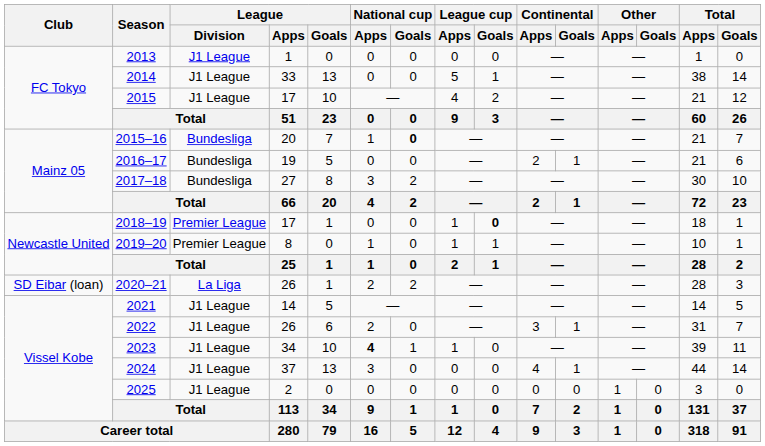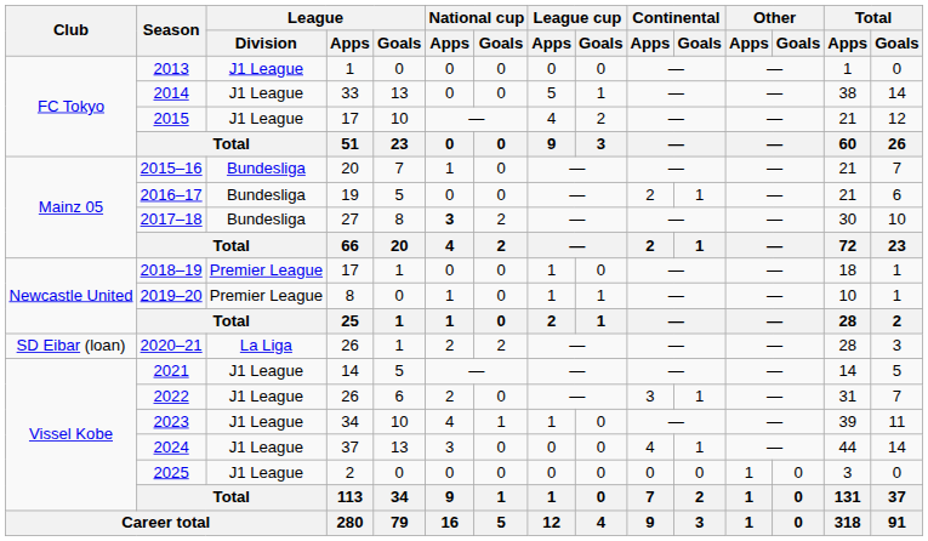 <table class="wikitable" style="text-align:center">
 <tr>
 <th rowspan="2">Club</th>
 <th rowspan="2">Season</th>
 <th colspan="3">League</th>
 <th colspan="2">National cup</th>
 <th colspan="2">League cup</th>
 <th colspan="2">Continental</th>
 <th colspan="2">Other</th>
 <th colspan="2">Total</th>
 </tr>
 <tr>
 <th>Division</th>
 <th>Apps</th>
 <th>Goals</th>
 <th>Apps</th>
 <th>Goals</th>
 <th>Apps</th>
 <th>Goals</th>
 <th>Apps</th>
 <th>Goals</th>
 <th>Apps</th>
 <th>Goals</th>
 <th>Apps</th>
 <th>Goals</th>
 </tr>
 <tr>
 <td rowspan="4"><a href='#'>FC Tokyo</a></td>
 <td><a href='#'>2013</a></td>
 <td><a href='#'>J1 League</a></td>
 <td>1</td>
 <td>0</td>
 <td>0</td>
 <td>0</td>
 <td>0</td>
 <td>0</td>
 <td colspan="2">—</td>
 <td colspan="2">—</td>
 <td>1</td>
 <td>0</td>
 </tr>
 <tr>
 <td><a href='#'>2014</a></td>
 <td>J1 League</td>
 <td>33</td>
 <td>13</td>
 <td>0</td>
 <td>0</td>
 <td>5</td>
 <td>1</td>
 <td colspan="2">—</td>
 <td colspan="2">—</td>
 <td>38</td>
 <td>14</td>
 </tr>
 <tr>
 <td><a href='#'>2015</a></td>
 <td>J1 League</td>
 <td>17</td>
 <td>10</td>
 <td colspan="2">—</td>
 <td>4</td>
 <td>2</td>
 <td colspan="2">—</td>
 <td colspan="2">—</td>
 <td>21</td>
 <td>12</td>
 </tr>
 <tr>
 <th colspan="2">Total</th>
 <th>51</th>
 <th>23</th>
 <th>0</th>
 <th>0</th>
 <th>9</th>
 <th>3</th>
 <th colspan="2">—</th>
 <th colspan="2">—</th>
 <th>60</th>
 <th>26</th>
 </tr>
 <tr>
 <td rowspan="4"><a href='#'>Mainz 05</a></td>
 <td><a href='#'>2015–16</a></td>
 <td><a href='#'>Bundesliga</a></td>
 <td>20</td>
 <td>7</td>
 <td>1</td>
-<td><strong>0</strong></td>
+<td>0</td>
 <td colspan="2">—</td>
 <td colspan="2">—</td>
 <td colspan="2">—</td>
 <td>21</td>
 <td>7</td>
 </tr>
 <tr>
 <td><a href='#'>2016–17</a></td>
 <td>Bundesliga</td>
 <td>19</td>
 <td>5</td>
 <td>0</td>
 <td>0</td>
 <td colspan="2">—</td>
 <td>2</td>
 <td>1</td>
 <td colspan="2">—</td>
 <td>21</td>
 <td>6</td>
 </tr>
 <tr>
 <td><a href='#'>2017–18</a></td>
 <td>Bundesliga</td>
 <td>27</td>
 <td>8</td>
-<td>3</td>
+<td><strong>3</strong></td>
 <td>2</td>
 <td colspan="2">—</td>
 <td colspan="2">—</td>
 <td colspan="2">—</td>
 <td>30</td>
 <td>10</td>
 </tr>
 <tr>
 <th colspan="2">Total</th>
 <th>66</th>
 <th>20</th>
 <th>4</th>
 <th>2</th>
 <th colspan="2">—</th>
 <th>2</th>
 <th>1</th>
 <th colspan="2">—</th>
 <th>72</th>
 <th>23</th>
 </tr>
 <tr>
 <td rowspan="3"><a href='#'>Newcastle United</a></td>
 <td><a href='#'>2018–19</a></td>
 <td><a href='#'>Premier League</a></td>
 <td>17</td>
 <td>1</td>
 <td>0</td>
 <td>0</td>
 <td>1</td>
-<td><strong>0</strong></td>
+<td>0</td>
 <td colspan="2">—</td>
 <td colspan="2">—</td>
 <td>18</td>
 <td>1</td>
 </tr>
 <tr>
 <td><a href='#'>2019–20</a></td>
 <td>Premier League</td>
 <td>8</td>
 <td>0</td>
 <td>1</td>
 <td>0</td>
 <td>1</td>
 <td>1</td>
 <td colspan="2">—</td>
 <td colspan="2">—</td>
 <td>10</td>
 <td>1</td>
 </tr>
 <tr>
 <th colspan="2">Total</th>
 <th>25</th>
 <th>1</th>
 <th>1</th>
 <th>0</th>
 <th>2</th>
 <th>1</th>
 <th colspan="2">—</th>
 <th colspan="2">—</th>
 <th>28</th>
 <th>2</th>
 </tr>
 <tr>
 <td><a href='#'>SD Eibar</a> (loan)</td>
 <td><a href='#'>2020–21</a></td>
 <td><a href='#'>La Liga</a></td>
 <td>26</td>
 <td>1</td>
 <td>2</td>
 <td>2</td>
 <td colspan="2">—</td>
 <td colspan="2">—</td>
 <td colspan="2">—</td>
 <td>28</td>
 <td>3</td>
 </tr>
 <tr>
 <td rowspan="6"><a href='#'>Vissel Kobe</a></td>
 <td><a href='#'>2021</a></td>
 <td>J1 League</td>
 <td>14</td>
 <td>5</td>
 <td colspan="2">—</td>
 <td colspan="2">—</td>
 <td colspan="2">—</td>
 <td colspan="2">—</td>
 <td>14</td>
 <td>5</td>
 </tr>
 <tr>
 <td><a href='#'>2022</a></td>
 <td>J1 League</td>
 <td>26</td>
 <td>6</td>
 <td>2</td>
 <td>0</td>
 <td colspan="2">—</td>
 <td>3</td>
 <td>1</td>
 <td colspan="2">—</td>
 <td>31</td>
 <td>7</td>
 </tr>
 <tr>
 <td><a href='#'>2023</a></td>
 <td>J1 League</td>
 <td>34</td>
 <td>10</td>
-<td><strong>4</strong></td>
+<td>4</td>
 <td>1</td>
 <td>1</td>
 <td>0</td>
 <td colspan="2">—</td>
 <td colspan="2">—</td>
 <td>39</td>
 <td>11</td>
 </tr>
 <tr>
 <td><a href='#'>2024</a></td>
 <td>J1 League</td>
 <td>37</td>
 <td>13</td>
 <td>3</td>
 <td>0</td>
 <td>0</td>
 <td>0</td>
 <td>4</td>
 <td>1</td>
 <td colspan="2">—</td>
 <td>44</td>
 <td>14</td>
 </tr>
 <tr>
 <td><a href='#'>2025</a></td>
 <td>J1 League</td>
 <td>2</td>
 <td>0</td>
 <td>0</td>
 <td>0</td>
 <td>0</td>
 <td>0</td>
 <td>0</td>
 <td>0</td>
 <td>1</td>
 <td>0</td>
 <td>3</td>
 <td>0</td>
 </tr>
 <tr>
 <th colspan="2">Total</th>
 <th>113</th>
 <th>34</th>
 <th>9</th>
 <th>1</th>
 <th>1</th>
 <th>0</th>
 <th>7</th>
 <th>2</th>
 <th>1</th>
 <th>0</th>
 <th>131</th>
 <th>37</th>
 </tr>
 <tr>
 <th colspan="3">Career total</th>
 <th>280</th>
 <th>79</th>
 <th>16</th>
 <th>5</th>
 <th>12</th>
 <th>4</th>
 <th>9</th>
 <th>3</th>
 <th>1</th>
 <th>0</th>
 <th>318</th>
 <th>91</th>
 </tr>
 </table>
